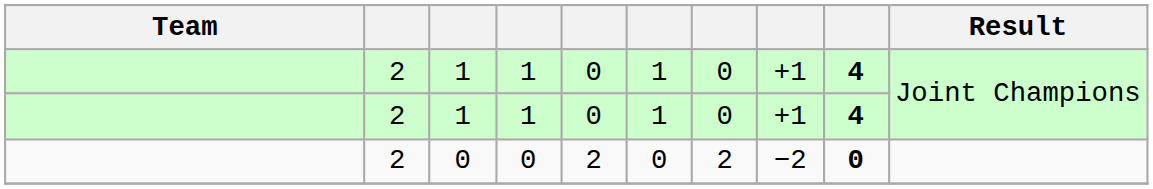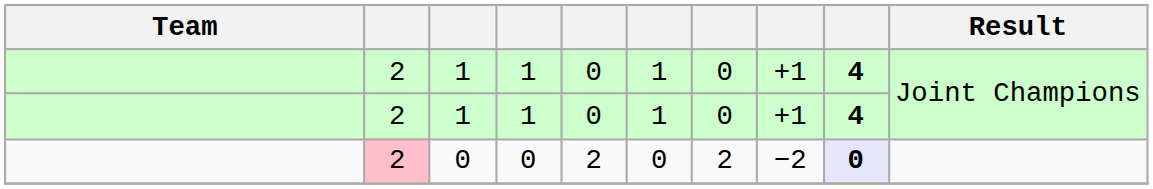 <table class="wikitable" style="text-align:center;">
 <tr>
 <th width=165>Team</th>
 <th width=25></th>
 <th width=25></th>
 <th width=25></th>
 <th width=25></th>
 <th width=25></th>
 <th width=25></th>
 <th width=25></th>
 <th width=25></th>
 <th>Result</th>
 </tr>
 <tr bgcolor="#ccffcc">
 <td style="text-align:left;"></td>
 <td>2</td>
 <td>1</td>
 <td>1</td>
 <td>0</td>
 <td>1</td>
 <td>0</td>
 <td>+1</td>
 <td><strong>4</strong></td>
 <td rowspan="2">Joint Champions</td>
 </tr>
 <tr bgcolor="#ccffcc">
 <td style="text-align:left;"></td>
 <td>2</td>
 <td>1</td>
 <td>1</td>
 <td>0</td>
 <td>1</td>
 <td>0</td>
 <td>+1</td>
 <td><strong>4</strong></td>
 </tr>
 <tr>
 <td style="text-align:left;"></td>
-<td>2</td>
+<td style="background: pink;">2</td>
 <td>0</td>
 <td>0</td>
 <td>2</td>
 <td>0</td>
 <td>2</td>
 <td>−2</td>
-<td><strong>0</strong></td>
+<td style="background: lavender;"><strong>0</strong></td>
 <td></td>
 </tr>
 <tr>
 </tr>
 </table>
